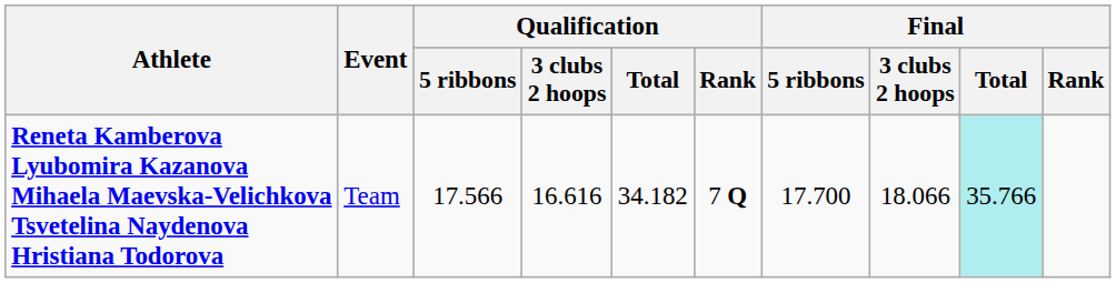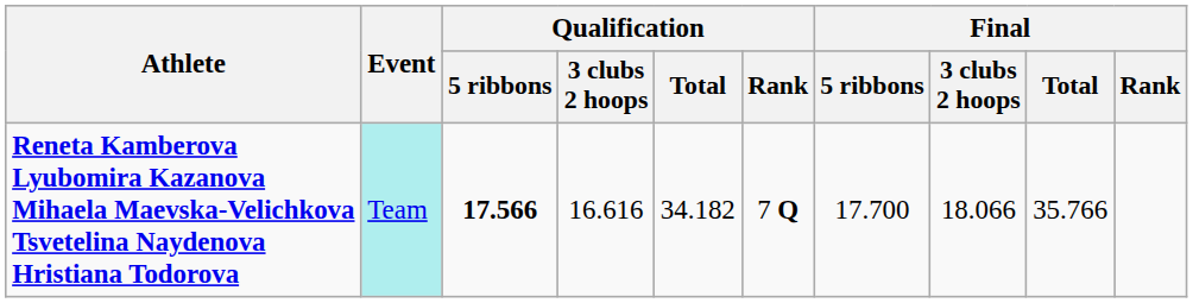 <table class="wikitable" style="font-size:90%">
 <tr>
 <th rowspan="2">Athlete</th>
 <th rowspan="2">Event</th>
 <th colspan="4">Qualification</th>
 <th colspan="4">Final</th>
 </tr>
 <tr style="font-size:95%">
 <th>5 ribbons</th>
 <th>3 clubs<br>2 hoops</th>
 <th>Total</th>
 <th>Rank</th>
 <th>5 ribbons</th>
 <th>3 clubs<br>2 hoops</th>
 <th>Total</th>
 <th>Rank</th>
 </tr>
 <tr align=center>
 <td align=left><strong><a href='#'>Reneta Kamberova</a><br><a href='#'>Lyubomira Kazanova</a><br><a href='#'>Mihaela Maevska-Velichkova</a><br><a href='#'>Tsvetelina Naydenova</a><br><a href='#'>Hristiana Todorova</a></strong></td>
-<td align=left><a href='#'>Team</a></td>
-<td>17.566</td>
+<td align=left style="background: paleturquoise;"><a href='#'>Team</a></td>
+<td><strong>17.566</strong></td>
 <td>16.616</td>
 <td>34.182</td>
 <td>7 <strong>Q</strong></td>
 <td>17.700</td>
 <td>18.066</td>
-<td style="background: paleturquoise;">35.766</td>
+<td>35.766</td>
 <td></td>
 </tr>
 </table>
